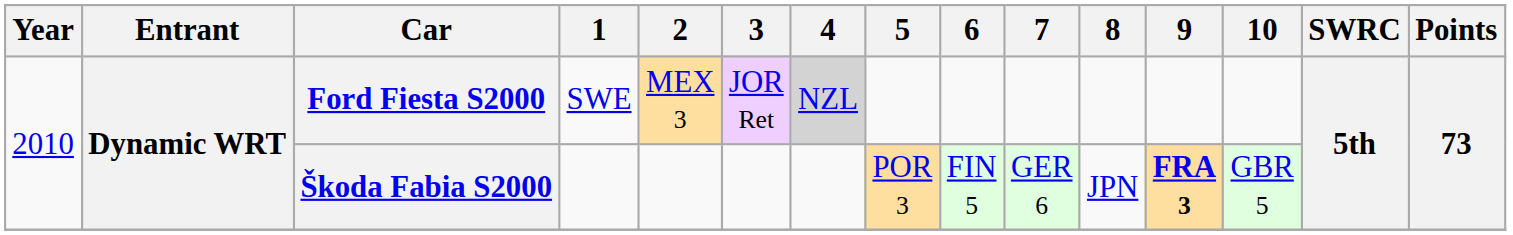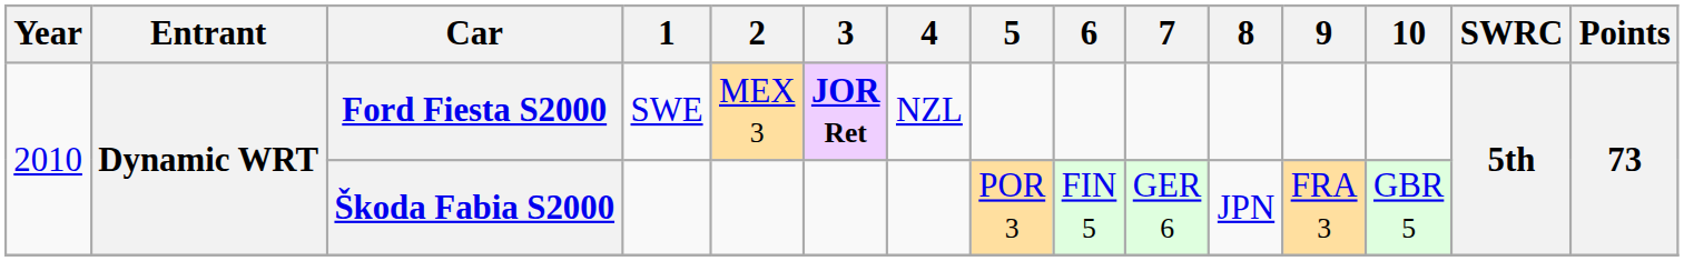 <table class="wikitable" border="1" style="text-align:center; font-size:90%;">
 <tr>
 <th>Year</th>
 <th>Entrant</th>
 <th>Car</th>
 <th>1</th>
 <th>2</th>
 <th>3</th>
 <th>4</th>
 <th>5</th>
 <th>6</th>
 <th>7</th>
 <th>8</th>
 <th>9</th>
 <th>10</th>
 <th>SWRC</th>
 <th>Points</th>
 </tr>
 <tr>
 <td rowspan=2><a href='#'>2010</a></td>
 <th rowspan=2>Dynamic WRT</th>
 <th><a href='#'>Ford Fiesta S2000</a></th>
 <td><a href='#'>SWE</a></td>
 <td style="background:#FFDF9F;"><a href='#'>MEX</a><br><small>3</small></td>
-<td style="background:#EFCFFF;"><a href='#'>JOR</a><br><small>Ret</small></td>
-<td style="background: lightgrey;"><a href='#'>NZL</a></td>
+<td style="background:#EFCFFF;"><strong><a href='#'>JOR</a><br><small>Ret</small></strong></td>
+<td><a href='#'>NZL</a></td>
 <td></td>
 <td></td>
 <td></td>
 <td></td>
 <td></td>
 <td></td>
 <th rowspan=2>5th</th>
 <th rowspan=2>73</th>
 </tr>
 <tr>
 <th><a href='#'>Škoda Fabia S2000</a></th>
 <td></td>
 <td></td>
 <td></td>
 <td></td>
 <td style="background:#FFDF9F;"><a href='#'>POR</a><br><small>3</small></td>
 <td style="background:#DFFFDF;"><a href='#'>FIN</a><br><small>5</small></td>
 <td style="background:#DFFFDF;"><a href='#'>GER</a><br><small>6</small></td>
 <td><a href='#'>JPN</a></td>
-<td style="background:#FFDF9F;"><strong><a href='#'>FRA</a><br><small>3</small></strong></td>
+<td style="background:#FFDF9F;"><a href='#'>FRA</a><br><small>3</small></td>
 <td style="background:#DFFFDF;"><a href='#'>GBR</a><br><small>5</small></td>
 </tr>
 <tr>
 </tr>
 </table>
